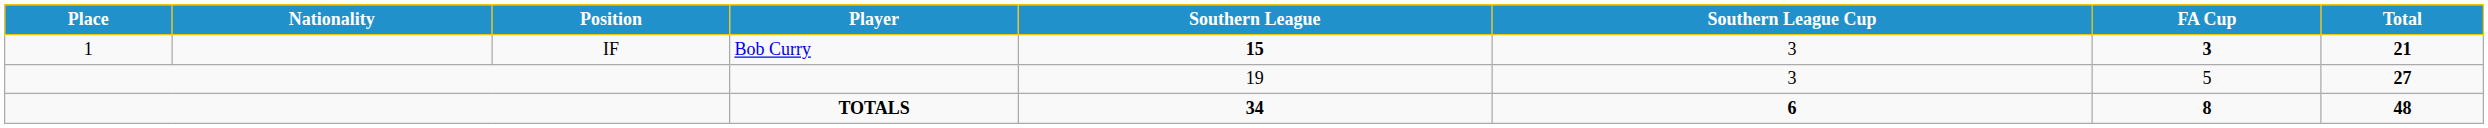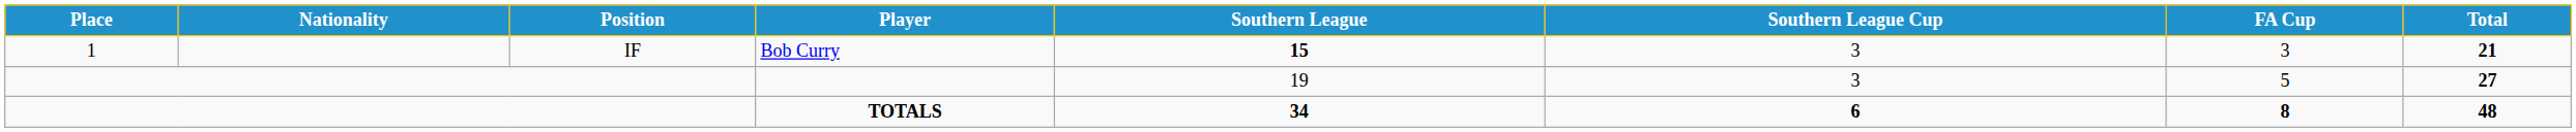 <table class="wikitable" style="text-align:center; font-size:90%; width:100%;">
 <tr>
 <th style="background:#2191CC; color:white; border:1px solid #F7C408; text-align:center;">Place</th>
 <th style="background:#2191CC; color:white; border:1px solid #F7C408; text-align:center;">Nationality</th>
 <th style="background:#2191CC; color:white; border:1px solid #F7C408; text-align:center;">Position</th>
 <th style="background:#2191CC; color:white; border:1px solid #F7C408; text-align:center;">Player</th>
 <th style="background:#2191CC; color:white; border:1px solid #F7C408; text-align:center;">Southern League</th>
 <th style="background:#2191CC; color:white; border:1px solid #F7C408; text-align:center;">Southern League Cup</th>
 <th style="background:#2191CC; color:white; border:1px solid #F7C408; text-align:center;">FA Cup</th>
 <th style="background:#2191CC; color:white; border:1px solid #F7C408; text-align:center;">Total</th>
 </tr>
 <tr>
 <td>1</td>
 <td></td>
 <td>IF</td>
 <td align="left"><a href='#'>Bob Curry</a></td>
 <td><strong>15</strong></td>
 <td>3</td>
-<td><strong>3</strong></td>
+<td>3</td>
 <td><strong>21</strong></td>
 </tr>
 <tr>
 <td colspan="3"></td>
 <td></td>
 <td>19</td>
 <td>3</td>
 <td>5</td>
 <td><strong>27</strong></td>
 </tr>
 <tr>
 <td colspan="3"></td>
 <td><strong>TOTALS</strong></td>
 <td><strong>34</strong></td>
 <td><strong>6</strong></td>
 <td><strong>8</strong></td>
 <td><strong>48</strong></td>
 </tr>
 </table>
